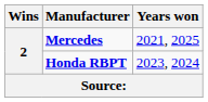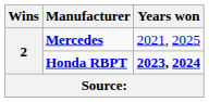 <table class="wikitable" style="font-size: 95%;">
 <tr>
 <th>Wins</th>
 <th>Manufacturer</th>
 <th>Years won</th>
 </tr>
 <tr>
 <th rowspan="2">2</th>
 <td> <strong><a href='#'>Mercedes</a></strong></td>
 <td><a href='#'>2021</a>, <a href='#'>2025</a></td>
 </tr>
 <tr>
 <td> <strong><a href='#'>Honda RBPT</a></strong></td>
-<td><a href='#'>2023</a>, <a href='#'>2024</a></td>
+<td><strong><a href='#'>2023</a>, <a href='#'>2024</a></strong></td>
 </tr>
 <tr>
 <th colspan=3>Source:</th>
 </tr>
 </table>
